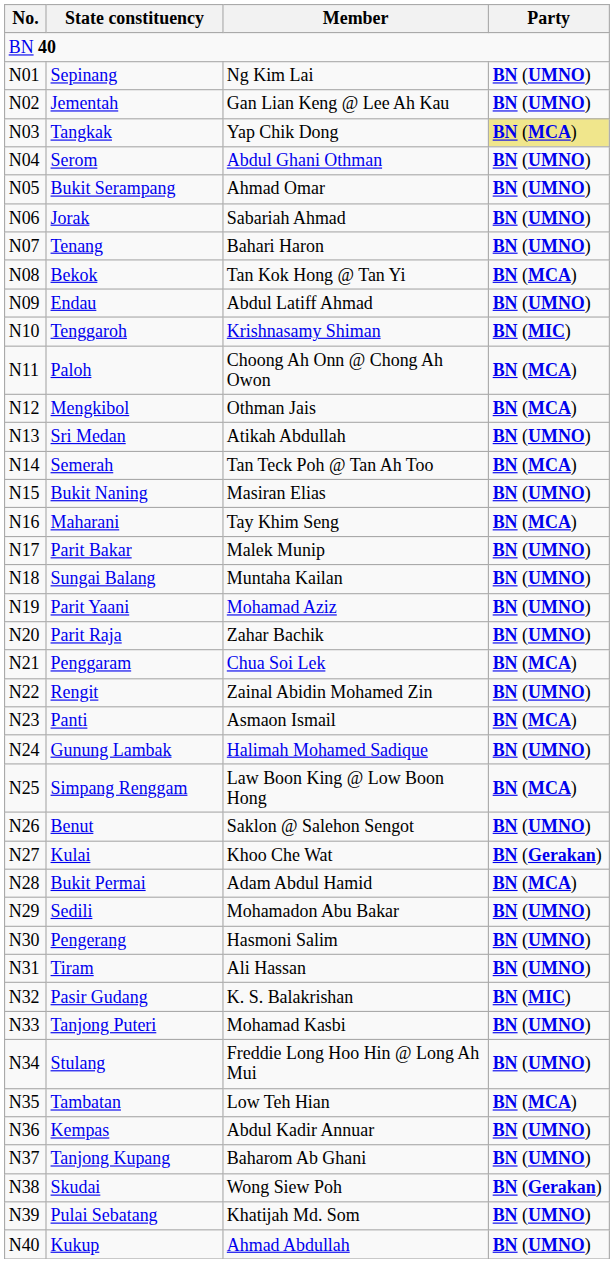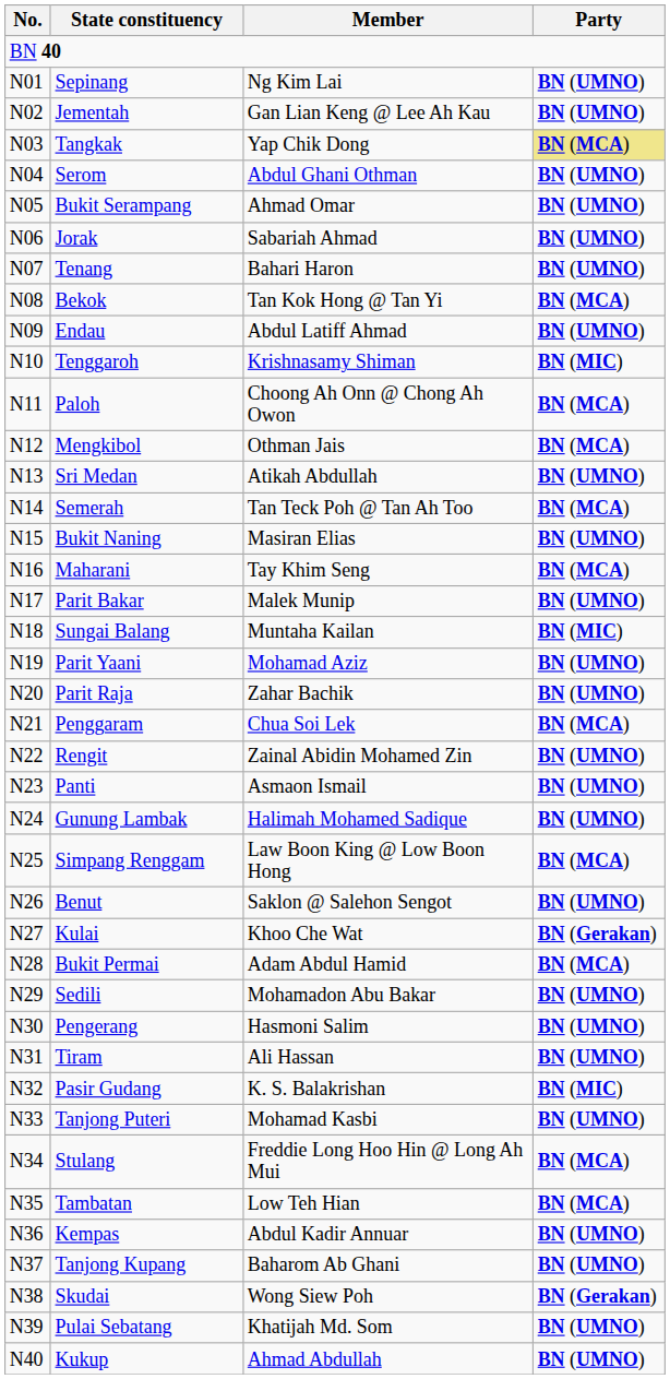 <table class="wikitable sortable">
 <tr>
 <th style="width:30px;">No.</th>
 <th style="width:150px;">State constituency</th>
 <th style="width:230px;">Member</th>
 <th style="width:100px;">Party</th>
 </tr>
 <tr>
 <td colspan="4"><a href='#'>BN</a> <strong>40</strong></td>
 </tr>
 <tr>
 <td>N01</td>
 <td><a href='#'>Sepinang</a></td>
 <td>Ng Kim Lai</td>
 <td><strong><a href='#'>BN</a></strong> (<strong><a href='#'>UMNO</a></strong>)</td>
 </tr>
 <tr>
 <td>N02</td>
 <td><a href='#'>Jementah</a></td>
 <td>Gan Lian Keng @ Lee Ah Kau</td>
 <td><strong><a href='#'>BN</a></strong> (<strong><a href='#'>UMNO</a></strong>)</td>
 </tr>
 <tr>
 <td>N03</td>
 <td><a href='#'>Tangkak</a></td>
 <td>Yap Chik Dong</td>
 <td style="background: khaki;"><strong><a href='#'>BN</a></strong> (<strong><a href='#'>MCA</a></strong>)</td>
 </tr>
 <tr>
 <td>N04</td>
 <td><a href='#'>Serom</a></td>
 <td><a href='#'>Abdul Ghani Othman</a></td>
 <td><strong><a href='#'>BN</a></strong> (<strong><a href='#'>UMNO</a></strong>)</td>
 </tr>
 <tr>
 <td>N05</td>
 <td><a href='#'>Bukit Serampang</a></td>
 <td>Ahmad Omar</td>
 <td><strong><a href='#'>BN</a></strong> (<strong><a href='#'>UMNO</a></strong>)</td>
 </tr>
 <tr>
 <td>N06</td>
 <td><a href='#'>Jorak</a></td>
 <td>Sabariah Ahmad</td>
 <td><strong><a href='#'>BN</a></strong> (<strong><a href='#'>UMNO</a></strong>)</td>
 </tr>
 <tr>
 <td>N07</td>
 <td><a href='#'>Tenang</a></td>
 <td>Bahari Haron</td>
 <td><strong><a href='#'>BN</a></strong> (<strong><a href='#'>UMNO</a></strong>)</td>
 </tr>
 <tr>
 <td>N08</td>
 <td><a href='#'>Bekok</a></td>
 <td>Tan Kok Hong @ Tan Yi</td>
 <td><strong><a href='#'>BN</a></strong> (<strong><a href='#'>MCA</a></strong>)</td>
 </tr>
 <tr>
 <td>N09</td>
 <td><a href='#'>Endau</a></td>
 <td>Abdul Latiff Ahmad</td>
 <td><strong><a href='#'>BN</a></strong> (<strong><a href='#'>UMNO</a></strong>)</td>
 </tr>
 <tr>
 <td>N10</td>
 <td><a href='#'>Tenggaroh</a></td>
 <td><a href='#'>Krishnasamy Shiman</a></td>
 <td><strong><a href='#'>BN</a></strong> (<strong><a href='#'>MIC</a></strong>)</td>
 </tr>
 <tr>
 <td>N11</td>
 <td><a href='#'>Paloh</a></td>
 <td>Choong Ah Onn @ Chong Ah Owon</td>
 <td><strong><a href='#'>BN</a></strong> (<strong><a href='#'>MCA</a></strong>)</td>
 </tr>
 <tr>
 <td>N12</td>
 <td><a href='#'>Mengkibol</a></td>
 <td>Othman Jais</td>
 <td><strong><a href='#'>BN</a></strong> (<strong><a href='#'>MCA</a></strong>)</td>
 </tr>
 <tr>
 <td>N13</td>
 <td><a href='#'>Sri Medan</a></td>
 <td>Atikah Abdullah</td>
 <td><strong><a href='#'>BN</a></strong> (<strong><a href='#'>UMNO</a></strong>)</td>
 </tr>
 <tr>
 <td>N14</td>
 <td><a href='#'>Semerah</a></td>
 <td>Tan Teck Poh @ Tan Ah Too</td>
 <td><strong><a href='#'>BN</a></strong> (<strong><a href='#'>MCA</a></strong>)</td>
 </tr>
 <tr>
 <td>N15</td>
 <td><a href='#'>Bukit Naning</a></td>
 <td>Masiran Elias</td>
 <td><strong><a href='#'>BN</a></strong> (<strong><a href='#'>UMNO</a></strong>)</td>
 </tr>
 <tr>
 <td>N16</td>
 <td><a href='#'>Maharani</a></td>
 <td>Tay Khim Seng</td>
 <td><strong><a href='#'>BN</a></strong> (<strong><a href='#'>MCA</a></strong>)</td>
 </tr>
 <tr>
 <td>N17</td>
 <td><a href='#'>Parit Bakar</a></td>
 <td>Malek Munip</td>
 <td><strong><a href='#'>BN</a></strong> (<strong><a href='#'>UMNO</a></strong>)</td>
 </tr>
 <tr>
 <td>N18</td>
 <td><a href='#'>Sungai Balang</a></td>
 <td>Muntaha Kailan</td>
-<td><strong><a href='#'>BN</a></strong> (<strong><a href='#'>UMNO</a></strong>)</td>
+<td><strong><a href='#'>BN</a></strong> (<strong><a href='#'>MIC</a></strong>)</td>
 </tr>
 <tr>
 <td>N19</td>
 <td><a href='#'>Parit Yaani</a></td>
 <td><a href='#'>Mohamad Aziz</a></td>
 <td><strong><a href='#'>BN</a></strong> (<strong><a href='#'>UMNO</a></strong>)</td>
 </tr>
 <tr>
 <td>N20</td>
 <td><a href='#'>Parit Raja</a></td>
 <td>Zahar Bachik</td>
 <td><strong><a href='#'>BN</a></strong> (<strong><a href='#'>UMNO</a></strong>)</td>
 </tr>
 <tr>
 <td>N21</td>
 <td><a href='#'>Penggaram</a></td>
 <td><a href='#'>Chua Soi Lek</a></td>
 <td><strong><a href='#'>BN</a></strong> (<strong><a href='#'>MCA</a></strong>)</td>
 </tr>
 <tr>
 <td>N22</td>
 <td><a href='#'>Rengit</a></td>
 <td>Zainal Abidin Mohamed Zin</td>
 <td><strong><a href='#'>BN</a></strong> (<strong><a href='#'>UMNO</a></strong>)</td>
 </tr>
 <tr>
 <td>N23</td>
 <td><a href='#'>Panti</a></td>
 <td>Asmaon Ismail</td>
-<td><strong><a href='#'>BN</a></strong> (<strong><a href='#'>MCA</a></strong>)</td>
+<td><strong><a href='#'>BN</a></strong> (<strong><a href='#'>UMNO</a></strong>)</td>
 </tr>
 <tr>
 <td>N24</td>
 <td><a href='#'>Gunung Lambak</a></td>
 <td><a href='#'>Halimah Mohamed Sadique</a></td>
 <td><strong><a href='#'>BN</a></strong> (<strong><a href='#'>UMNO</a></strong>)</td>
 </tr>
 <tr>
 <td>N25</td>
 <td><a href='#'>Simpang Renggam</a></td>
 <td>Law Boon King @ Low Boon Hong</td>
 <td><strong><a href='#'>BN</a></strong> (<strong><a href='#'>MCA</a></strong>)</td>
 </tr>
 <tr>
 <td>N26</td>
 <td><a href='#'>Benut</a></td>
 <td>Saklon @ Salehon Sengot</td>
 <td><strong><a href='#'>BN</a></strong> (<strong><a href='#'>UMNO</a></strong>)</td>
 </tr>
 <tr>
 <td>N27</td>
 <td><a href='#'>Kulai</a></td>
 <td>Khoo Che Wat</td>
 <td><strong><a href='#'>BN</a></strong> (<strong><a href='#'>Gerakan</a></strong>)</td>
 </tr>
 <tr>
 <td>N28</td>
 <td><a href='#'>Bukit Permai</a></td>
 <td>Adam Abdul Hamid</td>
 <td><strong><a href='#'>BN</a></strong> (<strong><a href='#'>MCA</a></strong>)</td>
 </tr>
 <tr>
 <td>N29</td>
 <td><a href='#'>Sedili</a></td>
 <td>Mohamadon Abu Bakar</td>
 <td><strong><a href='#'>BN</a></strong> (<strong><a href='#'>UMNO</a></strong>)</td>
 </tr>
 <tr>
 <td>N30</td>
 <td><a href='#'>Pengerang</a></td>
 <td>Hasmoni Salim</td>
 <td><strong><a href='#'>BN</a></strong> (<strong><a href='#'>UMNO</a></strong>)</td>
 </tr>
 <tr>
 <td>N31</td>
 <td><a href='#'>Tiram</a></td>
 <td>Ali Hassan</td>
 <td><strong><a href='#'>BN</a></strong> (<strong><a href='#'>UMNO</a></strong>)</td>
 </tr>
 <tr>
 <td>N32</td>
 <td><a href='#'>Pasir Gudang</a></td>
 <td>K. S. Balakrishan</td>
 <td><strong><a href='#'>BN</a></strong> (<strong><a href='#'>MIC</a></strong>)</td>
 </tr>
 <tr>
 <td>N33</td>
 <td><a href='#'>Tanjong Puteri</a></td>
 <td>Mohamad Kasbi</td>
 <td><strong><a href='#'>BN</a></strong> (<strong><a href='#'>UMNO</a></strong>)</td>
 </tr>
 <tr>
 <td>N34</td>
 <td><a href='#'>Stulang</a></td>
 <td>Freddie Long Hoo Hin @ Long Ah Mui</td>
-<td><strong><a href='#'>BN</a></strong> (<strong><a href='#'>UMNO</a></strong>)</td>
+<td><strong><a href='#'>BN</a></strong> (<strong><a href='#'>MCA</a></strong>)</td>
 </tr>
 <tr>
 <td>N35</td>
 <td><a href='#'>Tambatan</a></td>
 <td>Low Teh Hian</td>
 <td><strong><a href='#'>BN</a></strong> (<strong><a href='#'>MCA</a></strong>)</td>
 </tr>
 <tr>
 <td>N36</td>
 <td><a href='#'>Kempas</a></td>
 <td>Abdul Kadir Annuar</td>
 <td><strong><a href='#'>BN</a></strong> (<strong><a href='#'>UMNO</a></strong>)</td>
 </tr>
 <tr>
 <td>N37</td>
 <td><a href='#'>Tanjong Kupang</a></td>
 <td>Baharom Ab Ghani</td>
 <td><strong><a href='#'>BN</a></strong> (<strong><a href='#'>UMNO</a></strong>)</td>
 </tr>
 <tr>
 <td>N38</td>
 <td><a href='#'>Skudai</a></td>
 <td>Wong Siew Poh</td>
 <td><strong><a href='#'>BN</a></strong> (<strong><a href='#'>Gerakan</a></strong>)</td>
 </tr>
 <tr>
 <td>N39</td>
 <td><a href='#'>Pulai Sebatang</a></td>
 <td>Khatijah Md. Som</td>
 <td><strong><a href='#'>BN</a></strong> (<strong><a href='#'>UMNO</a></strong>)</td>
 </tr>
 <tr>
 <td>N40</td>
 <td><a href='#'>Kukup</a></td>
 <td><a href='#'>Ahmad Abdullah</a></td>
 <td><strong><a href='#'>BN</a></strong> (<strong><a href='#'>UMNO</a></strong>)</td>
 </tr>
 </table>
